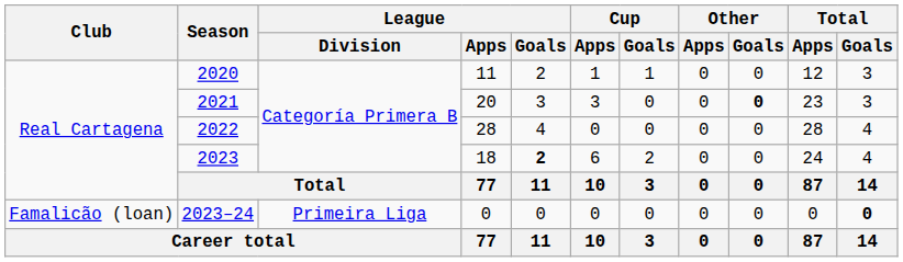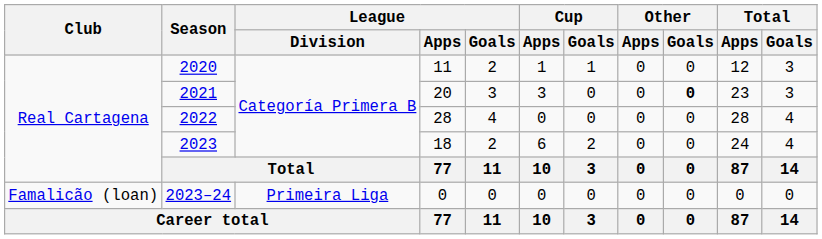 <table class=wikitable style=text-align:center>
 <tr>
 <th rowspan="2">Club</th>
 <th rowspan="2">Season</th>
 <th colspan="3">League</th>
 <th colspan="2">Cup</th>
 <th colspan="2">Other</th>
 <th colspan="2">Total</th>
 </tr>
 <tr>
 <th>Division</th>
 <th>Apps</th>
 <th>Goals</th>
 <th>Apps</th>
 <th>Goals</th>
 <th>Apps</th>
 <th>Goals</th>
 <th>Apps</th>
 <th>Goals</th>
 </tr>
 <tr>
 <td rowspan="5"><a href='#'>Real Cartagena</a></td>
 <td><a href='#'>2020</a></td>
 <td rowspan="4"><a href='#'>Categoría Primera B</a></td>
 <td>11</td>
 <td>2</td>
 <td>1</td>
 <td>1</td>
 <td>0</td>
 <td>0</td>
 <td>12</td>
 <td>3</td>
 </tr>
 <tr>
 <td><a href='#'>2021</a></td>
 <td>20</td>
 <td>3</td>
 <td>3</td>
 <td>0</td>
 <td>0</td>
 <td><strong>0</strong></td>
 <td>23</td>
 <td>3</td>
 </tr>
 <tr>
 <td><a href='#'>2022</a></td>
 <td>28</td>
 <td>4</td>
 <td>0</td>
 <td>0</td>
 <td>0</td>
 <td>0</td>
 <td>28</td>
 <td>4</td>
 </tr>
 <tr>
 <td><a href='#'>2023</a></td>
 <td>18</td>
-<td><strong>2</strong></td>
+<td>2</td>
 <td>6</td>
 <td>2</td>
 <td>0</td>
 <td>0</td>
 <td>24</td>
 <td>4</td>
 </tr>
 <tr>
 <th colspan="2"><strong>Total</strong></th>
 <th>77</th>
 <th>11</th>
 <th>10</th>
 <th>3</th>
 <th>0</th>
 <th>0</th>
 <th>87</th>
 <th>14</th>
 </tr>
 <tr>
 <td><a href='#'>Famalicão</a> (loan)</td>
 <td><a href='#'>2023–24</a></td>
 <td><a href='#'>Primeira Liga</a></td>
 <td>0</td>
 <td>0</td>
 <td>0</td>
 <td>0</td>
 <td>0</td>
 <td>0</td>
 <td>0</td>
-<td><strong>0</strong></td>
+<td>0</td>
 </tr>
 <tr>
 <th colspan="3"><strong>Career total</strong></th>
 <th>77</th>
 <th>11</th>
 <th>10</th>
 <th>3</th>
 <th>0</th>
 <th>0</th>
 <th>87</th>
 <th>14</th>
 </tr>
 </table>
